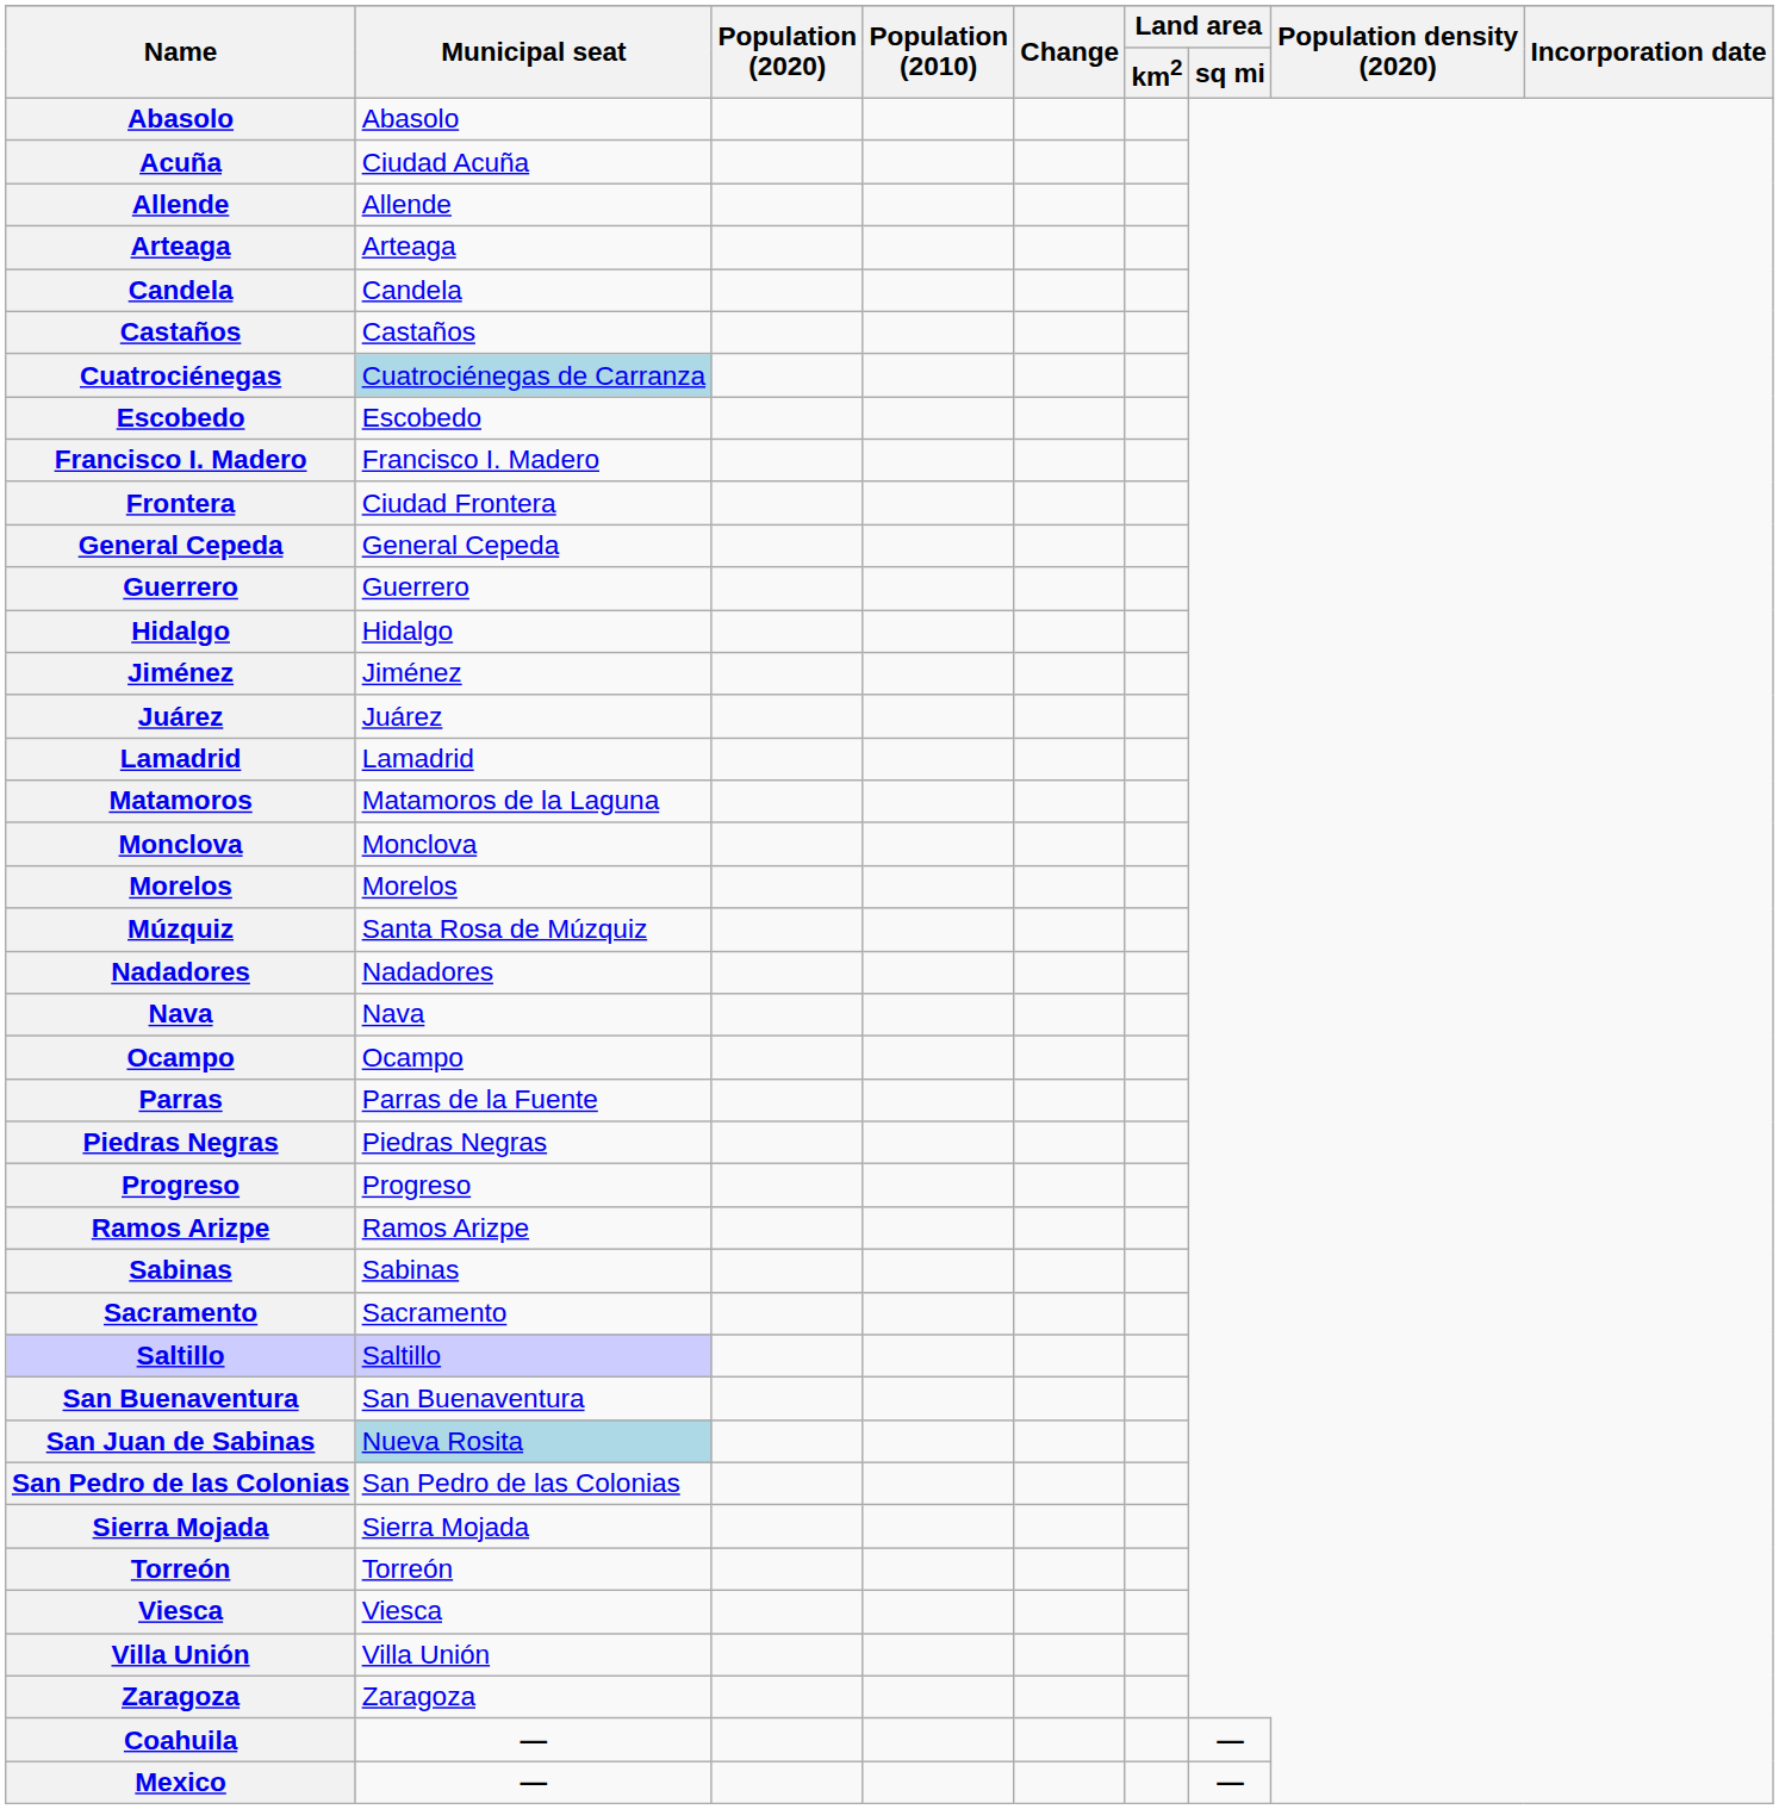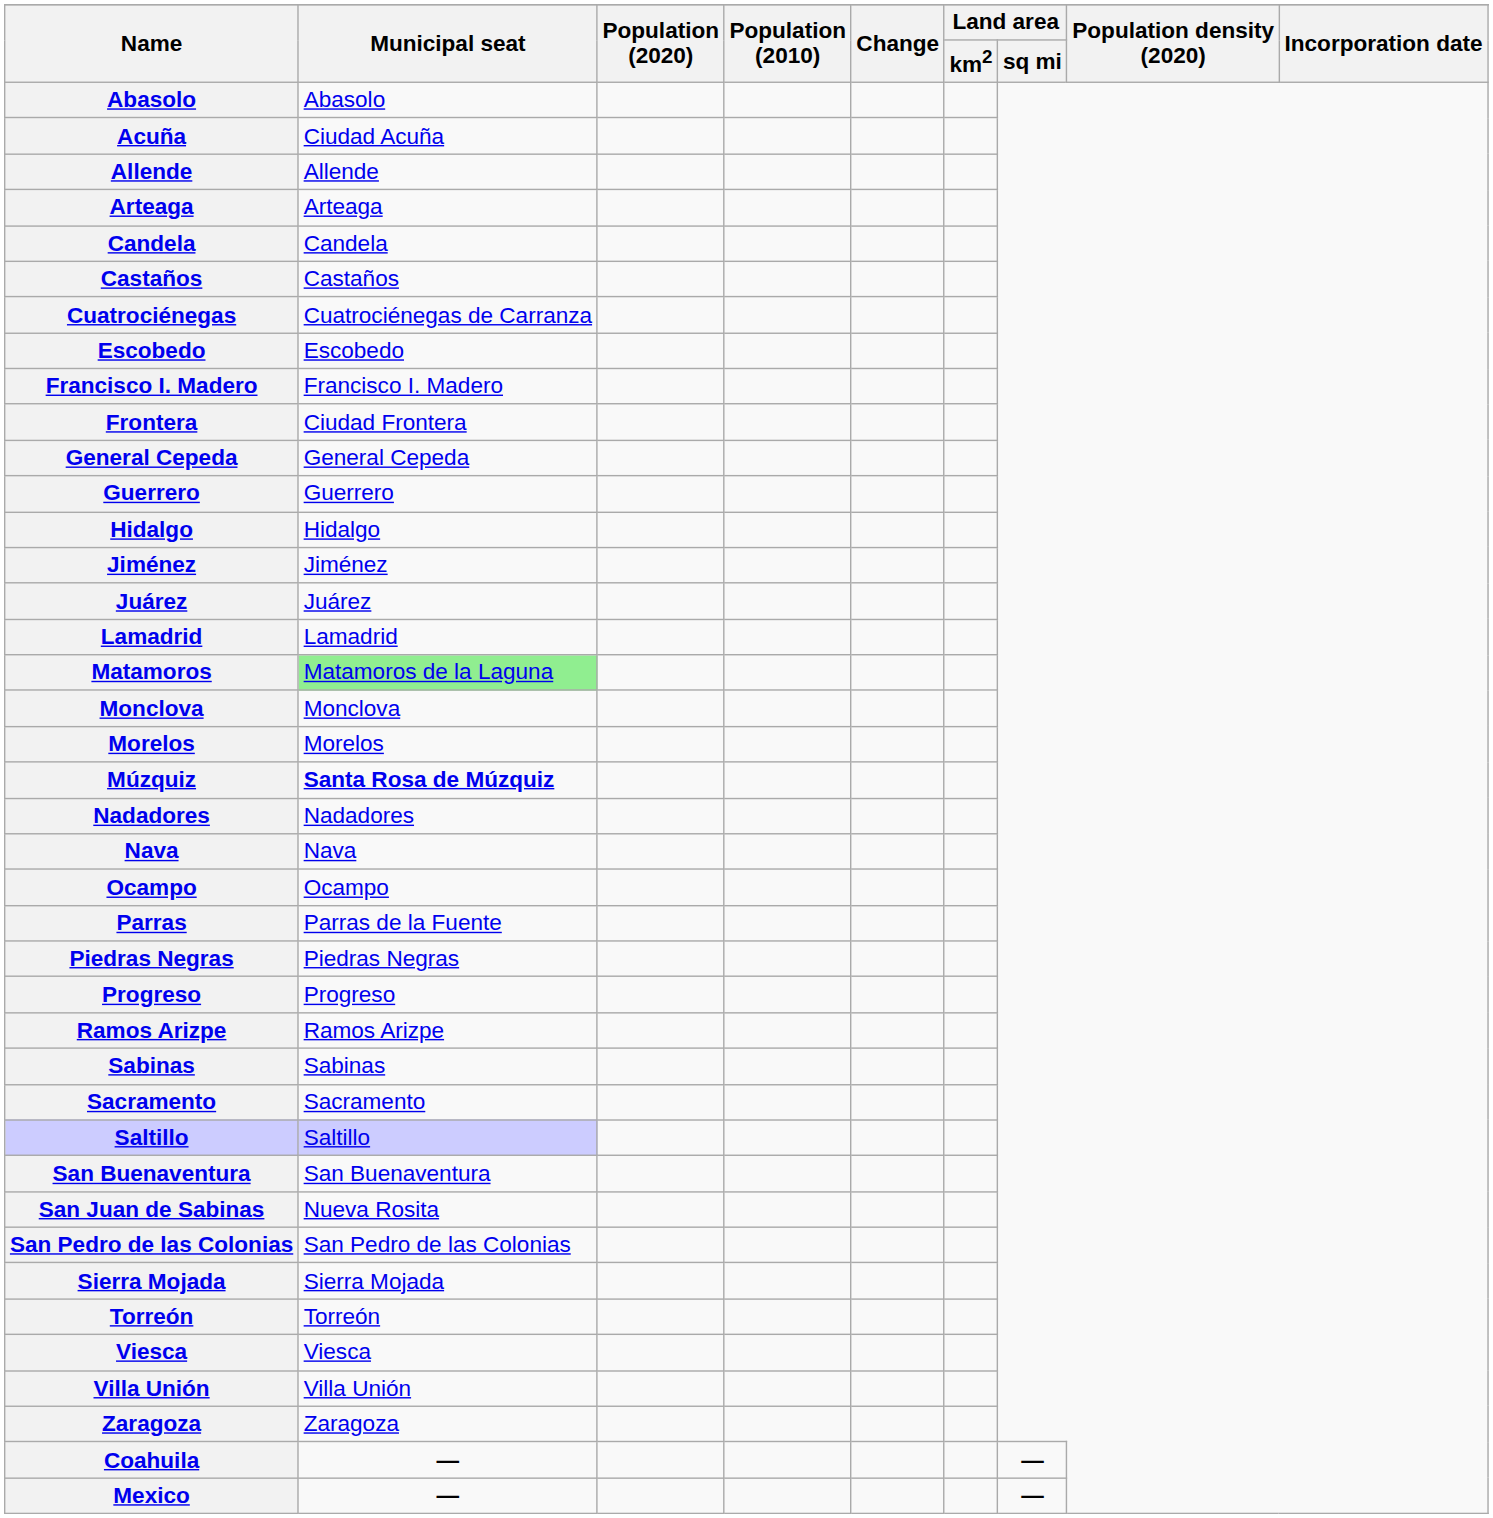 <table class="wikitable sortable" style="text-align:right;">
 <tr>
 </tr>
 <tr>
 <th scope="col"  rowspan=2>Name</th>
 <th scope="col"  rowspan=2>Municipal seat</th>
 <th scope="col"  rowspan=2>Population<br>(2020)</th>
 <th scope="col"  rowspan=2>Population<br>(2010)</th>
 <th scope="col"  rowspan=2>Change</th>
 <th scope="col" data-sort-type="number"  colspan=2>Land area</th>
 <th scope="col" data-sort-type="number"  rowspan=2>Population density<br>(2020)</th>
 <th scope="col"  rowspan=2>Incorporation date</th>
 </tr>
 <tr>
 <th scope="col">km<sup>2</sup></th>
 <th scope="col">sq mi</th>
 </tr>
 <tr>
 <th scope="row" align="left"><a href='#'>Abasolo</a></th>
 <td align=left><a href='#'>Abasolo</a></td>
 <td></td>
 <td></td>
 <td></td>
 <td></td>
 </tr>
 <tr>
 <th scope="row" align="left"><a href='#'>Acuña</a></th>
 <td align=left><a href='#'>Ciudad Acuña</a></td>
 <td></td>
 <td></td>
 <td></td>
 <td></td>
 </tr>
 <tr>
 <th scope="row" align="left"><a href='#'>Allende</a></th>
 <td align=left><a href='#'>Allende</a></td>
 <td></td>
 <td></td>
 <td></td>
 <td></td>
 </tr>
 <tr>
 <th scope="row" align="left"><a href='#'>Arteaga</a></th>
 <td align=left><a href='#'>Arteaga</a></td>
 <td></td>
 <td></td>
 <td></td>
 <td></td>
 </tr>
 <tr>
 <th scope="row" align="left"><a href='#'>Candela</a></th>
 <td align=left><a href='#'>Candela</a></td>
 <td></td>
 <td></td>
 <td></td>
 <td></td>
 </tr>
 <tr>
 <th scope="row" align="left"><a href='#'>Castaños</a></th>
 <td align=left><a href='#'>Castaños</a></td>
 <td></td>
 <td></td>
 <td></td>
 <td></td>
 </tr>
 <tr>
 <th scope="row" align="left"><a href='#'>Cuatrociénegas</a></th>
-<td align=left style="background: lightblue;"><a href='#'>Cuatrociénegas de Carranza</a></td>
+<td align=left><a href='#'>Cuatrociénegas de Carranza</a></td>
 <td></td>
 <td></td>
 <td></td>
 <td></td>
 </tr>
 <tr>
 <th scope="row" align="left"><a href='#'>Escobedo</a></th>
 <td align=left><a href='#'>Escobedo</a></td>
 <td></td>
 <td></td>
 <td></td>
 <td></td>
 </tr>
 <tr>
 <th scope="row" align="left"><a href='#'>Francisco I. Madero</a></th>
 <td align=left><a href='#'>Francisco I. Madero</a></td>
 <td></td>
 <td></td>
 <td></td>
 <td></td>
 </tr>
 <tr>
 <th scope="row" align="left"><a href='#'>Frontera</a></th>
 <td align=left><a href='#'>Ciudad Frontera</a></td>
 <td></td>
 <td></td>
 <td></td>
 <td></td>
 </tr>
 <tr>
 <th scope="row" align="left"><a href='#'>General Cepeda</a></th>
 <td align=left><a href='#'>General Cepeda</a></td>
 <td></td>
 <td></td>
 <td></td>
 <td></td>
 </tr>
 <tr>
 <th scope="row" align="left"><a href='#'>Guerrero</a></th>
 <td align=left><a href='#'>Guerrero</a></td>
 <td></td>
 <td></td>
 <td></td>
 <td></td>
 </tr>
 <tr>
 <th scope="row" align="left"><a href='#'>Hidalgo</a></th>
 <td align=left><a href='#'>Hidalgo</a></td>
 <td></td>
 <td></td>
 <td></td>
 <td></td>
 </tr>
 <tr>
 <th scope="row" align="left"><a href='#'>Jiménez</a></th>
 <td align=left><a href='#'>Jiménez</a></td>
 <td></td>
 <td></td>
 <td></td>
 <td></td>
 </tr>
 <tr>
 <th scope="row" align="left"><a href='#'>Juárez</a></th>
 <td align=left><a href='#'>Juárez</a></td>
 <td></td>
 <td></td>
 <td></td>
 <td></td>
 </tr>
 <tr>
 <th scope="row" align="left"><a href='#'>Lamadrid</a></th>
 <td align=left><a href='#'>Lamadrid</a></td>
 <td></td>
 <td></td>
 <td></td>
 <td></td>
 </tr>
 <tr>
 <th scope="row" align="left"><a href='#'>Matamoros</a></th>
-<td align=left><a href='#'>Matamoros de la Laguna</a></td>
+<td align=left style="background: lightgreen;"><a href='#'>Matamoros de la Laguna</a></td>
 <td></td>
 <td></td>
 <td></td>
 <td></td>
 </tr>
 <tr>
 <th scope="row" align="left"><a href='#'>Monclova</a></th>
 <td align=left><a href='#'>Monclova</a></td>
 <td></td>
 <td></td>
 <td></td>
 <td></td>
 </tr>
 <tr>
 <th scope="row" align="left"><a href='#'>Morelos</a></th>
 <td align=left><a href='#'>Morelos</a></td>
 <td></td>
 <td></td>
 <td></td>
 <td></td>
 </tr>
 <tr>
 <th scope="row" align="left"><a href='#'>Múzquiz</a></th>
-<td align=left><a href='#'>Santa Rosa de Múzquiz</a></td>
+<td align=left><strong><a href='#'>Santa Rosa de Múzquiz</a></strong></td>
 <td></td>
 <td></td>
 <td></td>
 <td></td>
 </tr>
 <tr>
 <th scope="row" align="left"><a href='#'>Nadadores</a></th>
 <td align=left><a href='#'>Nadadores</a></td>
 <td></td>
 <td></td>
 <td></td>
 <td></td>
 </tr>
 <tr>
 <th scope="row" align="left"><a href='#'>Nava</a></th>
 <td align=left><a href='#'>Nava</a></td>
 <td></td>
 <td></td>
 <td></td>
 <td></td>
 </tr>
 <tr>
 <th scope="row" align="left"><a href='#'>Ocampo</a></th>
 <td align=left><a href='#'>Ocampo</a></td>
 <td></td>
 <td></td>
 <td></td>
 <td></td>
 </tr>
 <tr>
 <th scope="row" align="left"><a href='#'>Parras</a></th>
 <td align=left><a href='#'>Parras de la Fuente</a></td>
 <td></td>
 <td></td>
 <td></td>
 <td></td>
 </tr>
 <tr>
 <th scope="row" align="left"><a href='#'>Piedras Negras</a></th>
 <td align=left><a href='#'>Piedras Negras</a></td>
 <td></td>
 <td></td>
 <td></td>
 <td></td>
 </tr>
 <tr>
 <th scope="row" align="left"><a href='#'>Progreso</a></th>
 <td align=left><a href='#'>Progreso</a></td>
 <td></td>
 <td></td>
 <td></td>
 <td></td>
 </tr>
 <tr>
 <th scope="row" align="left"><a href='#'>Ramos Arizpe</a></th>
 <td align=left><a href='#'>Ramos Arizpe</a></td>
 <td></td>
 <td></td>
 <td></td>
 <td></td>
 </tr>
 <tr>
 <th scope="row" align="left"><a href='#'>Sabinas</a></th>
 <td align=left><a href='#'>Sabinas</a></td>
 <td></td>
 <td></td>
 <td></td>
 <td></td>
 </tr>
 <tr>
 <th scope="row" align="left"><a href='#'>Sacramento</a></th>
 <td align=left><a href='#'>Sacramento</a></td>
 <td></td>
 <td></td>
 <td></td>
 <td></td>
 </tr>
 <tr>
 <th scope="row" align="left" style="background:#CCF;"><a href='#'>Saltillo</a></th>
 <td align=left style="background:#CCF;"><a href='#'>Saltillo</a></td>
 <td></td>
 <td></td>
 <td></td>
 <td></td>
 </tr>
 <tr>
 <th scope="row" align="left"><a href='#'>San Buenaventura</a></th>
 <td align=left><a href='#'>San Buenaventura</a></td>
 <td></td>
 <td></td>
 <td></td>
 <td></td>
 </tr>
 <tr>
 <th scope="row" align="left"><a href='#'>San Juan de Sabinas</a></th>
-<td align=left style="background: lightblue;"><a href='#'>Nueva Rosita</a></td>
+<td align=left><a href='#'>Nueva Rosita</a></td>
 <td></td>
 <td></td>
 <td></td>
 <td></td>
 </tr>
 <tr>
 <th scope="row" align="left"><a href='#'>San Pedro de las Colonias</a></th>
 <td align=left><a href='#'>San Pedro de las Colonias</a></td>
 <td></td>
 <td></td>
 <td></td>
 <td></td>
 </tr>
 <tr>
 <th scope="row" align="left"><a href='#'>Sierra Mojada</a></th>
 <td align=left><a href='#'>Sierra Mojada</a></td>
 <td></td>
 <td></td>
 <td></td>
 <td></td>
 </tr>
 <tr>
 <th scope="row" align="left"><a href='#'>Torreón</a></th>
 <td align=left><a href='#'>Torreón</a></td>
 <td></td>
 <td></td>
 <td></td>
 <td></td>
 </tr>
 <tr>
 <th scope="row" align="left"><a href='#'>Viesca</a></th>
 <td align=left><a href='#'>Viesca</a></td>
 <td></td>
 <td></td>
 <td></td>
 <td></td>
 </tr>
 <tr>
 <th scope="row" align="left"><a href='#'>Villa Unión</a></th>
 <td align=left><a href='#'>Villa Unión</a></td>
 <td></td>
 <td></td>
 <td></td>
 <td></td>
 </tr>
 <tr>
 <th scope="row" align="left"><a href='#'>Zaragoza</a></th>
 <td align=left><a href='#'>Zaragoza</a></td>
 <td></td>
 <td></td>
 <td></td>
 <td></td>
 </tr>
 <tr class="sortbottom" style="text-align:center;" style="background: #f2f2f2;">
 <th scope="row" align="left"><strong><a href='#'>Coahuila</a></strong></th>
 <td><strong>—</strong></td>
 <td></td>
 <td><strong></strong></td>
 <td><strong></strong></td>
 <td align="right"><strong></strong></td>
 <td><strong>—</strong></td>
 </tr>
 <tr class="sortbottom" style="text-align:center;" style="background: #f2f2f2;">
 <th scope="row" align="left"><strong><a href='#'>Mexico</a></strong></th>
 <td><strong>—</strong></td>
 <td></td>
 <td><strong></strong></td>
 <td><strong></strong></td>
 <td align="right"><strong></strong></td>
 <td><strong>—</strong></td>
 </tr>
 </table>
